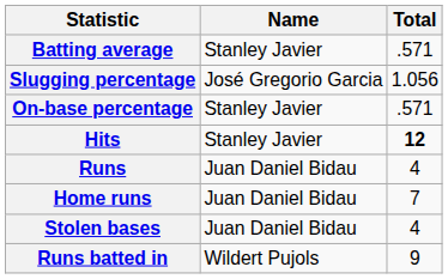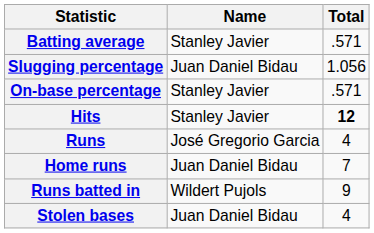 <table class="wikitable plainrowheaders">
 <tr>
 <th scope="col">Statistic</th>
 <th scope="col">Name</th>
 <th scope="col">Total</th>
 </tr>
 <tr>
 <th scope="row"><a href='#'>Batting average</a></th>
 <td> Stanley Javier</td>
 <td align=center>.571</td>
 </tr>
 <tr>
 <th scope="row"><a href='#'>Slugging percentage</a></th>
-<td> José Gregorio Garcia</td>
+<td> Juan Daniel Bidau</td>
 <td align=center>1.056</td>
 </tr>
 <tr>
 <th scope="row"><a href='#'>On-base percentage</a></th>
 <td> Stanley Javier</td>
 <td align=center>.571</td>
 </tr>
 <tr>
 <th scope="row"><a href='#'>Hits</a></th>
 <td> Stanley Javier</td>
 <td align=center><strong>12</strong></td>
 </tr>
 <tr>
 <th scope="row"><a href='#'>Runs</a></th>
-<td> Juan Daniel Bidau</td>
+<td> José Gregorio Garcia</td>
 <td align=center>4</td>
 </tr>
 <tr>
 <th scope="row"><a href='#'>Home runs</a></th>
 <td> Juan Daniel Bidau</td>
 <td align=center>7</td>
 </tr>
 <tr>
+<th scope="row"><a href='#'>Runs batted in</a></th>
+<td> Wildert Pujols</td>
+<td align=center>9</td>
+</tr>
+<tr>
 <th scope="row"><a href='#'>Stolen bases</a></th>
 <td> Juan Daniel Bidau</td>
 <td align=center>4</td>
 </tr>
-<tr>
-<th scope="row"><a href='#'>Runs batted in</a></th>
-<td> Wildert Pujols</td>
-<td align=center>9</td>
-</tr>
 </table>
